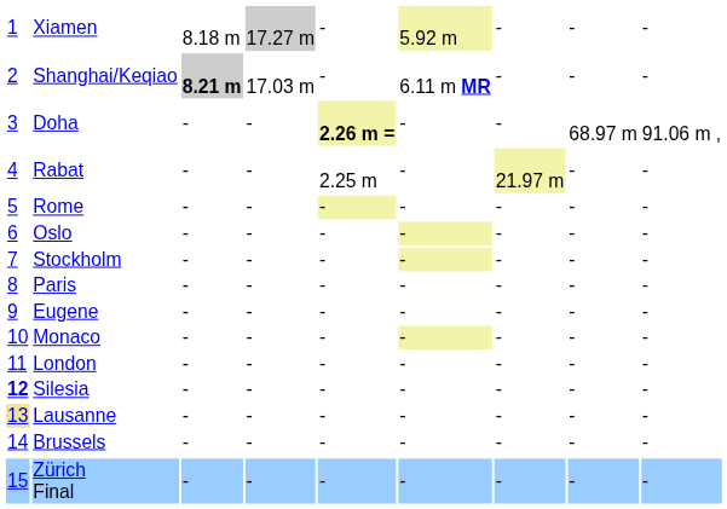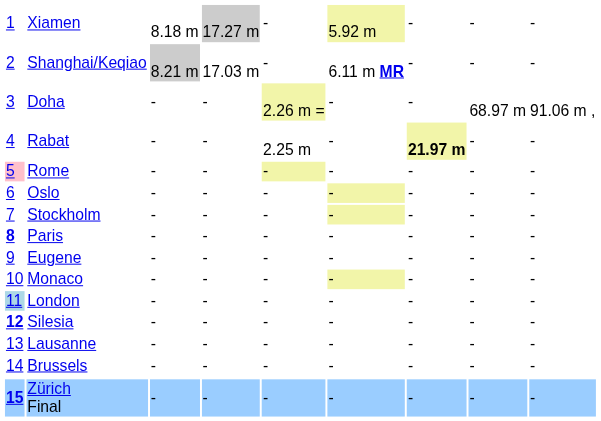 <table>
 <tr>
 <td><a href='#'>1</a></td>
 <td><a href='#'>Xiamen</a></td>
 <td><br> 8.18 m</td>
 <td bgcolor=#CCC><br> 17.27 m </td>
 <td>-</td>
 <td bgcolor=#F2F5A9><br> 5.92 m</td>
 <td>-</td>
 <td>-</td>
 <td>-</td>
 </tr>
 <tr>
 <td><a href='#'>2</a></td>
 <td><a href='#'>Shanghai/Keqiao</a></td>
-<td bgcolor=#CCC><strong><br> 8.21 m </strong></td>
+<td bgcolor=#CCC><br> 8.21 m </td>
 <td><br> 17.03 m </td>
 <td>-</td>
 <td><br> 6.11 m <strong><a href='#'>MR</a></strong></td>
 <td>-</td>
 <td>-</td>
 <td>-</td>
 </tr>
 <tr>
 <td><a href='#'>3</a></td>
 <td><a href='#'>Doha</a></td>
 <td>-</td>
 <td>-</td>
-<td bgcolor=#F2F5A9><strong><br> 2.26 m =</strong></td>
+<td bgcolor=#F2F5A9><br> 2.26 m =</td>
 <td>-</td>
 <td>-</td>
 <td><br> 68.97 m</td>
 <td><br> 91.06 m , </td>
 </tr>
 <tr>
 <td><a href='#'>4</a></td>
 <td><a href='#'>Rabat</a></td>
 <td>-</td>
 <td>-</td>
 <td><br> 2.25 m</td>
 <td>-</td>
-<td bgcolor=#F2F5A9><br> 21.97 m </td>
+<td bgcolor=#F2F5A9><strong><br> 21.97 m </strong></td>
 <td>-</td>
 <td>-</td>
 </tr>
 <tr>
-<td><a href='#'>5</a></td>
+<td style="background: pink;"><a href='#'>5</a></td>
 <td><a href='#'>Rome</a></td>
 <td>-</td>
 <td>-</td>
 <td bgcolor=#F2F5A9>-</td>
 <td>-</td>
 <td>-</td>
 <td>-</td>
 <td>-</td>
 </tr>
 <tr>
 <td><a href='#'>6</a></td>
 <td><a href='#'>Oslo</a></td>
 <td>-</td>
 <td>-</td>
 <td>-</td>
 <td bgcolor=#F2F5A9>-</td>
 <td>-</td>
 <td>-</td>
 <td>-</td>
 </tr>
 <tr>
 <td><a href='#'>7</a></td>
 <td><a href='#'>Stockholm</a></td>
 <td>-</td>
 <td>-</td>
 <td>-</td>
 <td bgcolor=#F2F5A9>-</td>
 <td>-</td>
 <td>-</td>
 <td>-</td>
 </tr>
 <tr>
-<td><a href='#'>8</a></td>
+<td><strong><a href='#'>8</a></strong></td>
 <td><a href='#'>Paris</a></td>
 <td>-</td>
 <td>-</td>
 <td>-</td>
 <td>-</td>
 <td>-</td>
 <td>-</td>
 <td>-</td>
 </tr>
 <tr>
 <td><a href='#'>9</a></td>
 <td><a href='#'>Eugene</a></td>
 <td>-</td>
 <td>-</td>
 <td>-</td>
 <td>-</td>
 <td>-</td>
 <td>-</td>
 <td>-</td>
 </tr>
 <tr>
 <td><a href='#'>10</a></td>
 <td><a href='#'>Monaco</a></td>
 <td>-</td>
 <td>-</td>
 <td>-</td>
 <td bgcolor=#F2F5A9>-</td>
 <td>-</td>
 <td>-</td>
 <td>-</td>
 </tr>
 <tr>
-<td><a href='#'>11</a></td>
+<td style="background: lightblue;"><a href='#'>11</a></td>
 <td><a href='#'>London</a></td>
 <td>-</td>
 <td>-</td>
 <td>-</td>
 <td>-</td>
 <td>-</td>
 <td>-</td>
 <td>-</td>
 </tr>
 <tr>
 <td><strong><a href='#'>12</a></strong></td>
 <td><a href='#'>Silesia</a></td>
 <td>-</td>
 <td>-</td>
 <td>-</td>
 <td>-</td>
 <td>-</td>
 <td>-</td>
 <td>-</td>
 </tr>
 <tr>
-<td style="background: khaki;"><a href='#'>13</a></td>
+<td><a href='#'>13</a></td>
 <td><a href='#'>Lausanne</a></td>
 <td>-</td>
 <td>-</td>
 <td>-</td>
 <td>-</td>
 <td>-</td>
 <td>-</td>
 <td>-</td>
 </tr>
 <tr>
 <td><a href='#'>14</a></td>
 <td><a href='#'>Brussels</a></td>
 <td>-</td>
 <td>-</td>
 <td>-</td>
 <td>-</td>
 <td>-</td>
 <td>-</td>
 <td>-</td>
 </tr>
 <tr>
 </tr>
 <tr bgcolor=#9acdff>
-<td><a href='#'>15</a></td>
+<td><strong><a href='#'>15</a></strong></td>
 <td><a href='#'>Zürich</a><br>Final</td>
 <td>-</td>
 <td>-</td>
 <td>-</td>
 <td>-</td>
 <td>-</td>
 <td>-</td>
 <td>-</td>
 </tr>
 <tr>
 </tr>
 </table>
